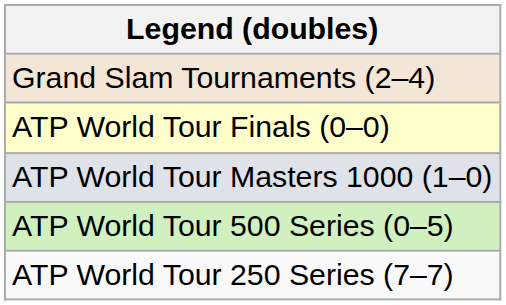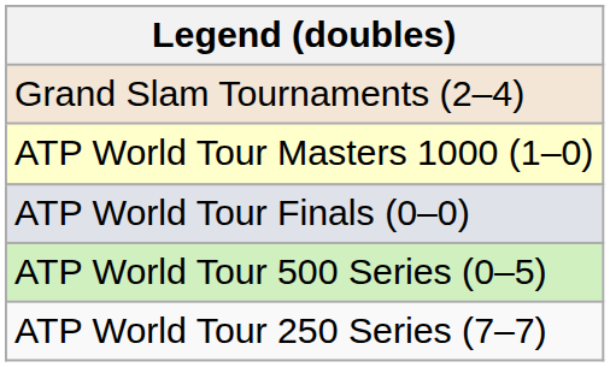 <table class=wikitable style=font-size:97%>
 <tr>
 <th>Legend (doubles)</th>
 </tr>
 <tr style="background:#f3e6d7;">
 <td>Grand Slam Tournaments (2–4)</td>
 </tr>
 <tr style="background:#ffc;">
-<td>ATP World Tour Finals (0–0)</td>
+<td>ATP World Tour Masters 1000 (1–0)</td>
 </tr>
 <tr style="background:#dfe2e9;">
-<td>ATP World Tour Masters 1000 (1–0)</td>
+<td>ATP World Tour Finals (0–0)</td>
 </tr>
 <tr style="background:#d0f0c0;">
 <td>ATP World Tour 500 Series (0–5)</td>
 </tr>
 <tr>
 <td>ATP World Tour 250 Series (7–7)</td>
 </tr>
 </table>
